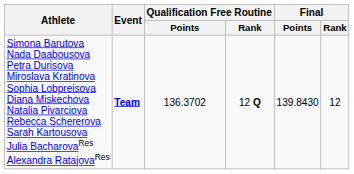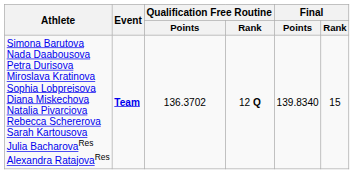 <table class="wikitable" style="font-size:90%;">
 <tr>
 <th rowspan=2>Athlete</th>
 <th rowspan=2>Event</th>
 <th colspan=2>Qualification Free Routine</th>
 <th colspan=2>Final</th>
 </tr>
 <tr style="font-size:95%">
 <th>Points</th>
 <th>Rank</th>
 <th>Points</th>
 <th>Rank</th>
 </tr>
 <tr align=center>
 <td align=left><a href='#'>Simona Barutova</a> <br> <a href='#'>Nada Daabousova</a> <br> <a href='#'>Petra Durisova</a> <br> <a href='#'>Miroslava Kratinova</a> <br> <a href='#'>Sophia Lobpreisova</a> <br> <a href='#'>Diana Miskechova</a> <br> <a href='#'>Natalia Pivarciova</a> <br> <a href='#'>Rebecca Schererova</a><br><a href='#'>Sarah Kartousova</a><br> <a href='#'>Julia Bacharova</a><sup>Res</sup> <br> <a href='#'>Alexandra Ratajova</a><sup>Res</sup></td>
 <td align=left><strong><a href='#'>Team</a></strong></td>
 <td>136.3702</td>
 <td>12 <strong>Q</strong></td>
-<td>139.8430</td>
-<td>12</td>
+<td>139.8340</td>
+<td>15</td>
 </tr>
 </table>
